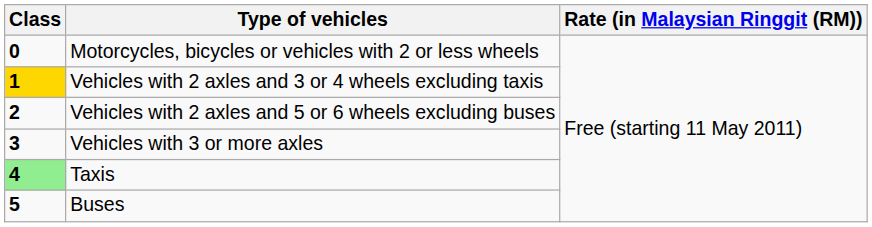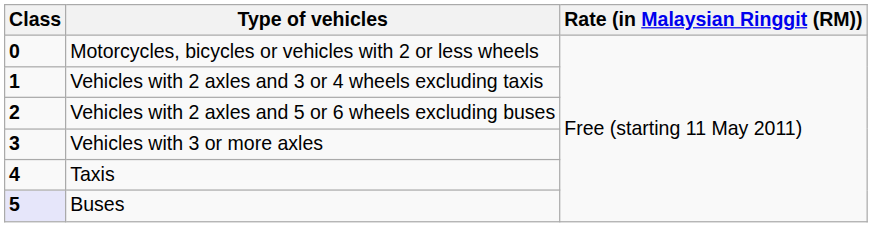 <table class="wikitable">
 <tr>
 <th>Class</th>
 <th>Type of vehicles</th>
 <th>Rate (in <a href='#'>Malaysian Ringgit</a> (RM))</th>
 </tr>
 <tr>
 <td><strong>0</strong></td>
 <td>Motorcycles, bicycles or vehicles with 2 or less wheels</td>
 <td colspan="3" rowspan="6">Free (starting 11 May 2011)</td>
 </tr>
 <tr>
-<td style="background: gold;"><strong>1</strong></td>
+<td><strong>1</strong></td>
 <td>Vehicles with 2 axles and 3 or 4 wheels excluding taxis</td>
 </tr>
 <tr>
 <td><strong>2</strong></td>
 <td>Vehicles with 2 axles and 5 or 6 wheels excluding buses</td>
 </tr>
 <tr>
 <td><strong>3</strong></td>
 <td>Vehicles with 3 or more axles</td>
 </tr>
 <tr>
-<td style="background: lightgreen;"><strong>4</strong></td>
+<td><strong>4</strong></td>
 <td>Taxis</td>
 </tr>
 <tr>
-<td><strong>5</strong></td>
+<td style="background: lavender;"><strong>5</strong></td>
 <td>Buses</td>
 </tr>
 </table>
